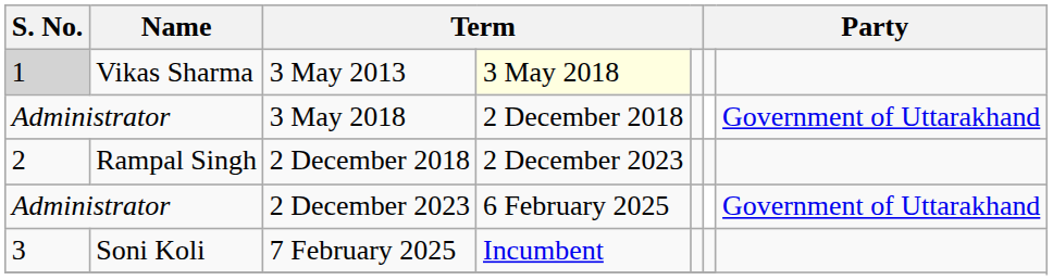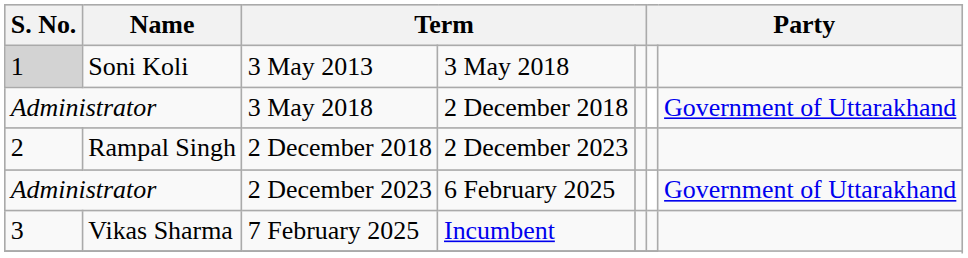 <table class="wikitable sortable">
 <tr>
 <th scope="col">S. No.</th>
 <th colspan=1>Name</th>
 <th colspan=3>Term</th>
 <th colspan=2>Party</th>
 </tr>
 <tr>
 <td style="background: lightgrey;">1</td>
-<td>Vikas Sharma</td>
+<td>Soni Koli</td>
 <td>3 May 2013</td>
-<td style="background: lightyellow;">3 May 2018</td>
+<td>3 May 2018</td>
 <td></td>
 <td></td>
 </tr>
 <tr>
 <td colspan=2><em>Administrator</em></td>
 <td>3 May 2018</td>
 <td>2 December 2018</td>
 <td></td>
 <td style="background-color: white"></td>
 <td><a href='#'>Government of Uttarakhand</a></td>
 </tr>
 <tr>
 <td>2</td>
 <td>Rampal Singh</td>
 <td>2 December 2018</td>
 <td>2 December 2023</td>
 <td></td>
 <td></td>
 </tr>
 <tr>
 <td colspan=2><em>Administrator</em></td>
 <td>2 December 2023</td>
 <td>6 February 2025</td>
 <td></td>
 <td style="background-color: white"></td>
 <td><a href='#'>Government of Uttarakhand</a></td>
 </tr>
 <tr>
 <td>3</td>
-<td>Soni Koli</td>
+<td>Vikas Sharma</td>
 <td>7 February 2025</td>
 <td><a href='#'>Incumbent</a></td>
 <td></td>
 <td></td>
 </tr>
 <tr>
 </tr>
 </table>
